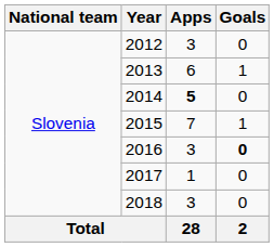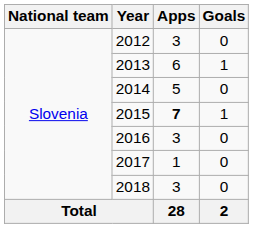 <table class=wikitable style=text-align:center>
 <tr>
 <th>National team</th>
 <th>Year</th>
 <th>Apps</th>
 <th>Goals</th>
 </tr>
 <tr>
 <td rowspan=7><a href='#'>Slovenia</a></td>
 <td>2012</td>
 <td>3</td>
 <td>0</td>
 </tr>
 <tr>
 <td>2013</td>
 <td>6</td>
 <td>1</td>
 </tr>
 <tr>
 <td>2014</td>
-<td><strong>5</strong></td>
+<td>5</td>
 <td>0</td>
 </tr>
 <tr>
 <td>2015</td>
-<td>7</td>
+<td><strong>7</strong></td>
 <td>1</td>
 </tr>
 <tr>
 <td>2016</td>
 <td>3</td>
-<td><strong>0</strong></td>
+<td>0</td>
 </tr>
 <tr>
 <td>2017</td>
 <td>1</td>
 <td>0</td>
 </tr>
 <tr>
 <td>2018</td>
 <td>3</td>
 <td>0</td>
 </tr>
 <tr>
 <th colspan=2>Total</th>
 <th>28</th>
 <th>2</th>
 </tr>
 </table>
